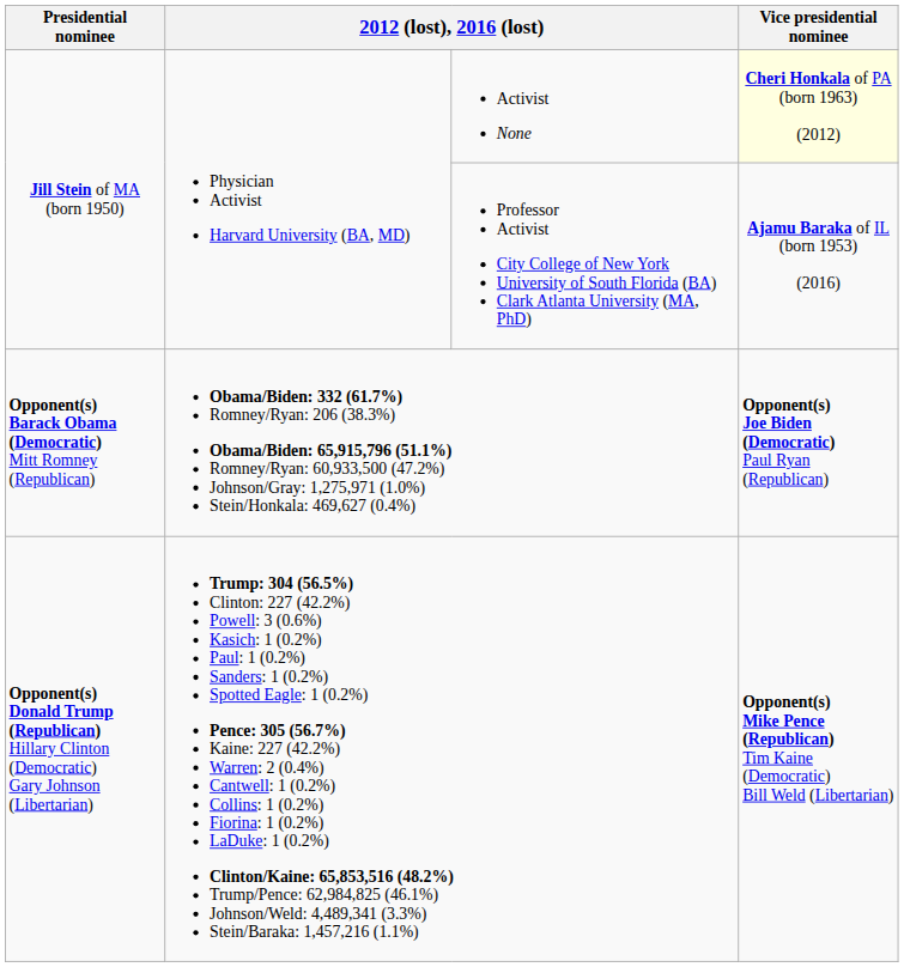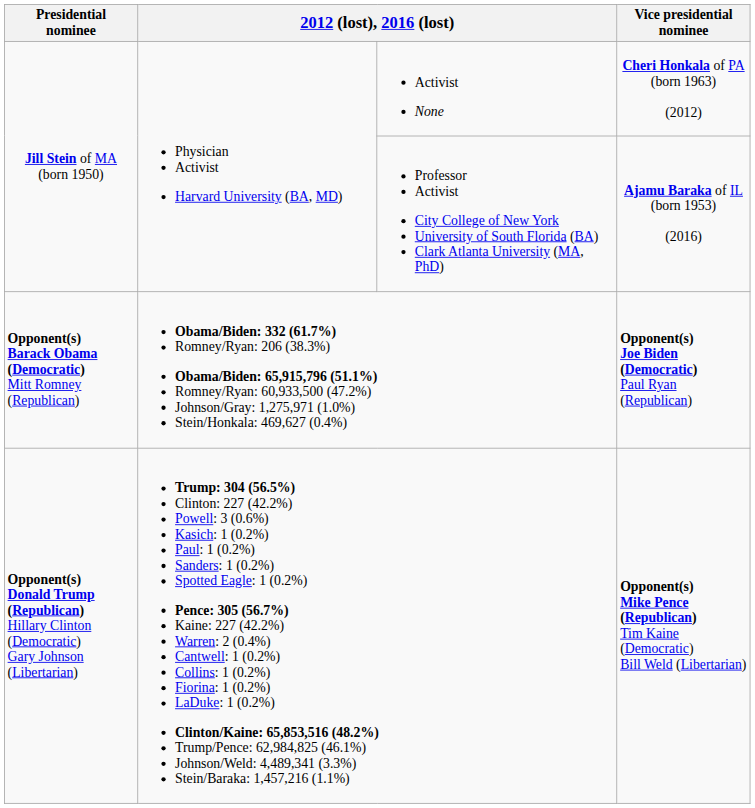 <table class="wikitable">
 <tr>
 <th width=175>Presidential<br>nominee</th>
 <th colspan=2><big><a href='#'>2012</a> (lost), <a href='#'>2016</a> (lost)</big></th>
 <th width=175>Vice presidential<br>nominee</th>
 </tr>
 <tr>
 <td rowspan="2" style="text-align:center;"><strong><a href='#'>Jill Stein</a></strong> of <a href='#'>MA</a><br>(born 1950)<br></td>
 <td rowspan="2" width="350"><br><ul><li>Physician</li><li>Activist</li></ul><ul><li><a href='#'>Harvard University</a> (<a href='#'>BA</a>, <a href='#'>MD</a>)</li></ul></td>
 <td width=350><br><ul><li>Activist</li></ul><ul><li><em>None</em></li></ul></td>
-<td style="background: lightyellow; text-align:center;"><strong><a href='#'>Cheri Honkala</a></strong> of <a href='#'>PA</a><br>(born 1963)<br><br>(2012)</td>
+<td style="text-align:center;"><strong><a href='#'>Cheri Honkala</a></strong> of <a href='#'>PA</a><br>(born 1963)<br><br>(2012)</td>
 </tr>
 <tr>
 <td><br><ul><li>Professor</li><li>Activist</li></ul><ul><li><a href='#'>City College of New York</a></li><li><a href='#'>University of South Florida</a> (<a href='#'>BA</a>)</li><li><a href='#'>Clark Atlanta University</a> (<a href='#'>MA</a>, <a href='#'>PhD</a>)</li></ul></td>
 <td style="text-align:center;"><strong><a href='#'>Ajamu Baraka</a></strong> of <a href='#'>IL</a><br>(born 1953)<br><br>(2016)</td>
 </tr>
 <tr>
 <td><strong>Opponent(s)</strong><br><strong><a href='#'>Barack Obama</a> (<a href='#'>Democratic</a>)</strong><br><a href='#'>Mitt Romney</a> (<a href='#'>Republican</a>)</td>
 <td colspan=2><br><ul><li><strong>Obama/Biden: 332 (61.7%)</strong></li><li>Romney/Ryan: 206 (38.3%)</li></ul><ul><li><strong>Obama/Biden: 65,915,796 (51.1%)</strong></li><li>Romney/Ryan: 60,933,500 (47.2%)</li><li>Johnson/Gray: 1,275,971 (1.0%)</li><li>Stein/Honkala: 469,627 (0.4%)</li></ul></td>
 <td><strong>Opponent(s)</strong><br><strong><a href='#'>Joe Biden</a> (<a href='#'>Democratic</a>)</strong><br><a href='#'>Paul Ryan</a> (<a href='#'>Republican</a>)</td>
 </tr>
 <tr>
 <td><strong>Opponent(s)</strong><br><strong><a href='#'>Donald Trump</a> (<a href='#'>Republican</a>)</strong><br><a href='#'>Hillary Clinton</a> (<a href='#'>Democratic</a>)<br><a href='#'>Gary Johnson</a> (<a href='#'>Libertarian</a>)</td>
 <td colspan=2><br><ul><li><strong>Trump: 304 (56.5%)</strong></li><li>Clinton: 227 (42.2%)</li><li><a href='#'>Powell</a>: 3 (0.6%)</li><li><a href='#'>Kasich</a>: 1 (0.2%)</li><li><a href='#'>Paul</a>: 1 (0.2%)</li><li><a href='#'>Sanders</a>: 1 (0.2%)</li><li><a href='#'>Spotted Eagle</a>: 1 (0.2%)</li></ul><ul><li><strong>Pence: 305 (56.7%)</strong></li><li>Kaine: 227 (42.2%)</li><li><a href='#'>Warren</a>: 2 (0.4%)</li><li><a href='#'>Cantwell</a>: 1 (0.2%)</li><li><a href='#'>Collins</a>: 1 (0.2%)</li><li><a href='#'>Fiorina</a>: 1 (0.2%)</li><li><a href='#'>LaDuke</a>: 1 (0.2%)</li></ul><ul><li><strong>Clinton/Kaine: 65,853,516 (48.2%)</strong></li><li>Trump/Pence: 62,984,825 (46.1%)</li><li>Johnson/Weld: 4,489,341 (3.3%)</li><li>Stein/Baraka: 1,457,216 (1.1%)</li></ul></td>
 <td><strong>Opponent(s)</strong><br><strong><a href='#'>Mike Pence</a> (<a href='#'>Republican</a>)</strong><br><a href='#'>Tim Kaine</a> (<a href='#'>Democratic</a>)<br><a href='#'>Bill Weld</a> (<a href='#'>Libertarian</a>)</td>
 </tr>
 </table>
